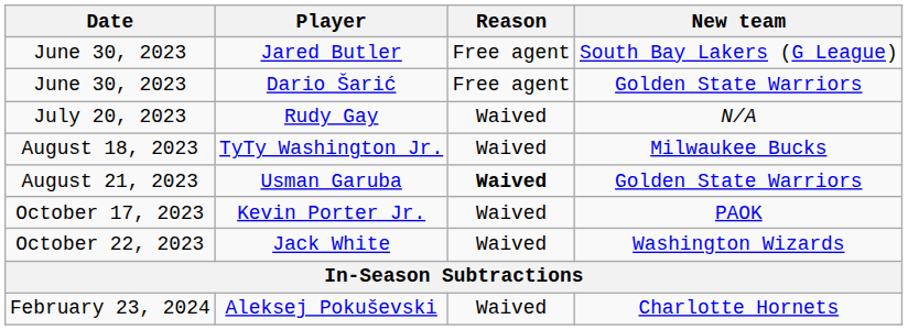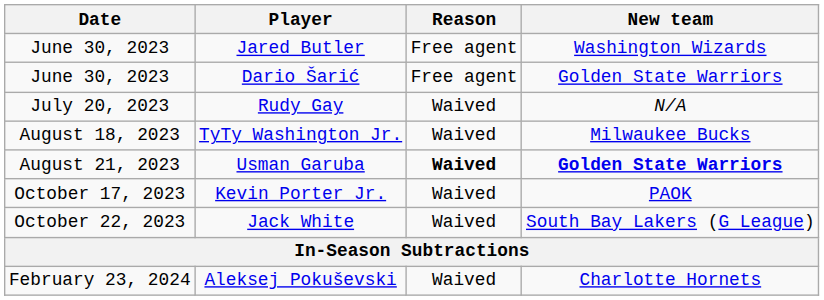 <table class="wikitable" style="text-align: center">
 <tr>
 <th>Date</th>
 <th>Player</th>
 <th>Reason</th>
 <th>New team</th>
 </tr>
 <tr style="text-align: center">
 <td>June 30, 2023</td>
 <td><a href='#'>Jared Butler</a></td>
 <td>Free agent</td>
-<td><a href='#'>South Bay Lakers</a> (<a href='#'>G League</a>)</td>
+<td><a href='#'>Washington Wizards</a></td>
 </tr>
 <tr style="text-align: center">
 <td>June 30, 2023</td>
 <td><a href='#'>Dario Šarić</a></td>
 <td>Free agent</td>
 <td><a href='#'>Golden State Warriors</a></td>
 </tr>
 <tr style="text-align: center">
 <td>July 20, 2023</td>
 <td><a href='#'>Rudy Gay</a></td>
 <td>Waived</td>
 <td><em>N/A</em></td>
 </tr>
 <tr style="text-align: center">
 <td>August 18, 2023</td>
 <td><a href='#'>TyTy Washington Jr.</a></td>
 <td>Waived</td>
 <td><a href='#'>Milwaukee Bucks</a></td>
 </tr>
 <tr style="text-align: center">
 <td>August 21, 2023</td>
 <td><a href='#'>Usman Garuba</a></td>
 <td><strong>Waived</strong></td>
-<td><a href='#'>Golden State Warriors</a></td>
+<td><strong><a href='#'>Golden State Warriors</a></strong></td>
 </tr>
 <tr style="text-align: center">
 <td>October 17, 2023</td>
 <td><a href='#'>Kevin Porter Jr.</a></td>
 <td>Waived</td>
 <td> <a href='#'>PAOK</a></td>
 </tr>
 <tr style="text-align: center">
 <td>October 22, 2023</td>
 <td><a href='#'>Jack White</a></td>
 <td>Waived</td>
-<td><a href='#'>Washington Wizards</a></td>
+<td><a href='#'>South Bay Lakers</a> (<a href='#'>G League</a>)</td>
 </tr>
 <tr>
 <th scope="row" colspan="6" style="text-align:center;”">In-Season Subtractions</th>
 </tr>
 <tr style="text-align: center">
 <td>February 23, 2024</td>
 <td><a href='#'>Aleksej Pokuševski</a></td>
 <td>Waived</td>
 <td><a href='#'>Charlotte Hornets</a></td>
 </tr>
 </table>
